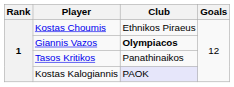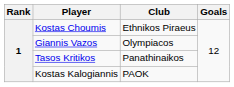 <table class="wikitable" style="text-align:center">
 <tr>
 <th>Rank</th>
 <th>Player</th>
 <th>Club</th>
 <th>Goals</th>
 </tr>
 <tr>
 <th rowspan=4>1</th>
 <td align="left"> <a href='#'>Kostas Choumis</a></td>
 <td align="left">Ethnikos Piraeus</td>
 <td rowspan=4>12</td>
 </tr>
 <tr>
 <td align="left"> <a href='#'>Giannis Vazos</a></td>
-<td align="left"><strong>Olympiacos</strong></td>
+<td align="left">Olympiacos</td>
 </tr>
 <tr>
 <td align="left"> <a href='#'>Tasos Kritikos</a></td>
 <td align="left">Panathinaikos</td>
 </tr>
 <tr>
 <td align="left"> Kostas Kalogiannis</td>
-<td align="left" style="background: lavender;">PAOK</td>
+<td align="left">PAOK</td>
 </tr>
 </table>
